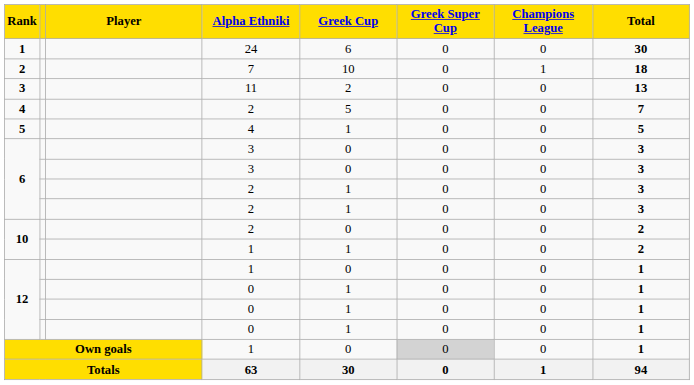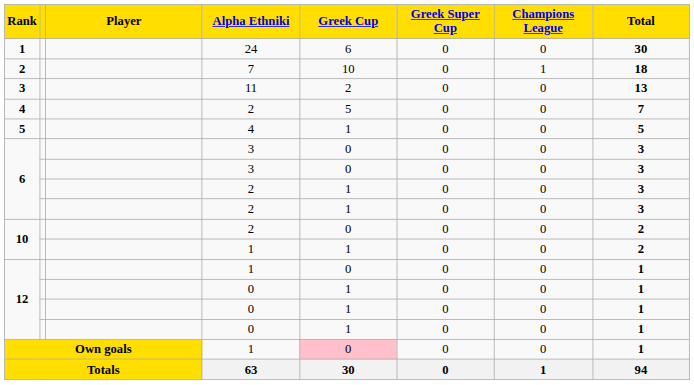 <table class="wikitable sortable" style="text-align: center">
 <tr>
 <th style="background:#FFDE00">Rank</th>
 <th style="background:#FFDE00"></th>
 <th width=200 style="background:#FFDE00">Player</th>
 <th width=120 style="background:#FFDE00"><a href='#'>Alpha Ethniki</a></th>
 <th width=120 style="background:#FFDE00"><a href='#'>Greek Cup</a></th>
 <th width=120 style="background:#FFDE00"><a href='#'>Greek Super Cup</a></th>
 <th width=120 style="background:#FFDE00"><a href='#'>Champions League</a></th>
 <th width=120 style="background:#FFDE00">Total</th>
 </tr>
 <tr>
 <td><strong>1</strong></td>
 <td></td>
 <td align=left></td>
 <td>24</td>
 <td>6</td>
 <td>0</td>
 <td>0</td>
 <td><strong>30</strong></td>
 </tr>
 <tr>
 <td><strong>2</strong></td>
 <td></td>
 <td align=left></td>
 <td>7</td>
 <td>10</td>
 <td>0</td>
 <td>1</td>
 <td><strong>18</strong></td>
 </tr>
 <tr>
 <td><strong>3</strong></td>
 <td></td>
 <td align=left></td>
 <td>11</td>
 <td>2</td>
 <td>0</td>
 <td>0</td>
 <td><strong>13</strong></td>
 </tr>
 <tr>
 <td><strong>4</strong></td>
 <td></td>
 <td align=left></td>
 <td>2</td>
 <td>5</td>
 <td>0</td>
 <td>0</td>
 <td><strong>7</strong></td>
 </tr>
 <tr>
 <td><strong>5</strong></td>
 <td></td>
 <td align=left></td>
 <td>4</td>
 <td>1</td>
 <td>0</td>
 <td>0</td>
 <td><strong>5</strong></td>
 </tr>
 <tr>
 <td rowspan=4><strong>6</strong></td>
 <td></td>
 <td align=left></td>
 <td>3</td>
 <td>0</td>
 <td>0</td>
 <td>0</td>
 <td><strong>3</strong></td>
 </tr>
 <tr>
 <td></td>
 <td align=left></td>
 <td>3</td>
 <td>0</td>
 <td>0</td>
 <td>0</td>
 <td><strong>3</strong></td>
 </tr>
 <tr>
 <td></td>
 <td align=left></td>
 <td>2</td>
 <td>1</td>
 <td>0</td>
 <td>0</td>
 <td><strong>3</strong></td>
 </tr>
 <tr>
 <td></td>
 <td align=left></td>
 <td>2</td>
 <td>1</td>
 <td>0</td>
 <td>0</td>
 <td><strong>3</strong></td>
 </tr>
 <tr>
 <td rowspan=2><strong>10</strong></td>
 <td></td>
 <td align=left></td>
 <td>2</td>
 <td>0</td>
 <td>0</td>
 <td>0</td>
 <td><strong>2</strong></td>
 </tr>
 <tr>
 <td></td>
 <td align=left></td>
 <td>1</td>
 <td>1</td>
 <td>0</td>
 <td>0</td>
 <td><strong>2</strong></td>
 </tr>
 <tr>
 <td rowspan=4><strong>12</strong></td>
 <td></td>
 <td align=left></td>
 <td>1</td>
 <td>0</td>
 <td>0</td>
 <td>0</td>
 <td><strong>1</strong></td>
 </tr>
 <tr>
 <td></td>
 <td align=left></td>
 <td>0</td>
 <td>1</td>
 <td>0</td>
 <td>0</td>
 <td><strong>1</strong></td>
 </tr>
 <tr>
 <td></td>
 <td align=left></td>
 <td>0</td>
 <td>1</td>
 <td>0</td>
 <td>0</td>
 <td><strong>1</strong></td>
 </tr>
 <tr>
 <td></td>
 <td align=left></td>
 <td>0</td>
 <td>1</td>
 <td>0</td>
 <td>0</td>
 <td><strong>1</strong></td>
 </tr>
 <tr class="sortbottom">
 <td colspan=3 style="background:#FFDE00"><strong>Own goals</strong></td>
 <td>1</td>
+<td style="background: pink;">0</td>
 <td>0</td>
-<td style="background: lightgrey;">0</td>
 <td>0</td>
 <td><strong>1</strong></td>
 </tr>
 <tr class="sortbottom">
 <th colspan=3 style="background:#FFDE00"><strong>Totals</strong></th>
 <th><strong>63</strong></th>
 <th><strong>30</strong></th>
 <th><strong> 0</strong></th>
 <th><strong> 1</strong></th>
 <th><strong>94</strong></th>
 </tr>
 </table>
